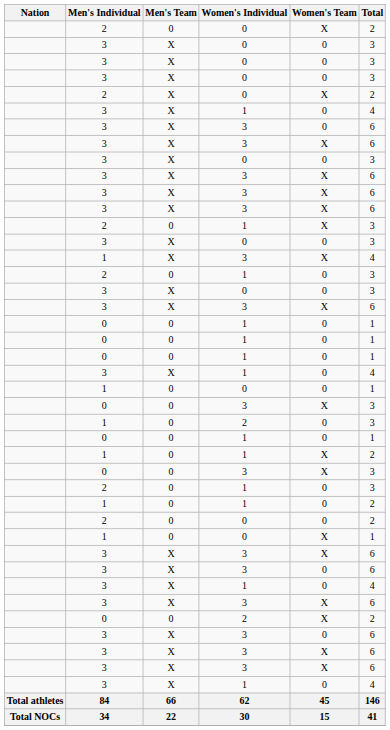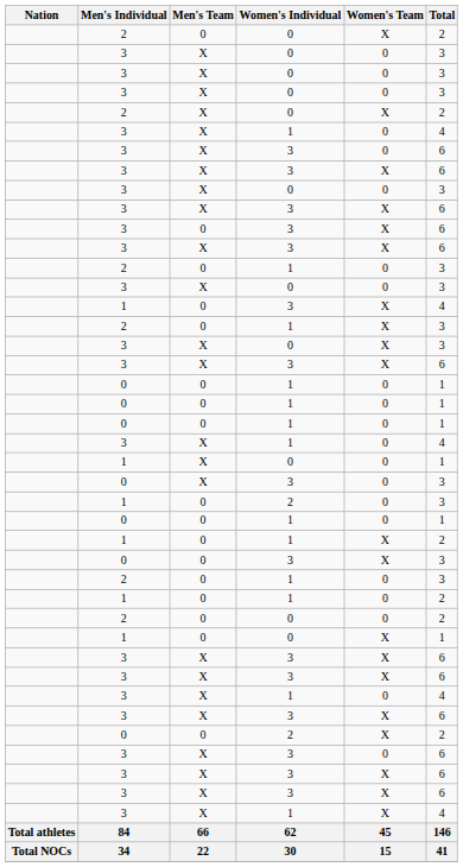 <table class="wikitable collapsible sortable" style="text-align:center; font-size:90%">
 <tr>
 <th align=left>Nation</th>
 <th>Men's Individual</th>
 <th>Men's Team</th>
 <th>Women's Individual</th>
 <th>Women's Team</th>
 <th>Total</th>
 </tr>
 <tr>
 <td align=left></td>
 <td>2</td>
 <td>0</td>
 <td>0</td>
 <td>X</td>
 <td>2</td>
 </tr>
 <tr>
 <td align=left></td>
 <td>3</td>
 <td>X</td>
 <td>0</td>
 <td>0</td>
 <td>3</td>
 </tr>
 <tr>
 <td align=left></td>
 <td>3</td>
 <td>X</td>
 <td>0</td>
 <td>0</td>
 <td>3</td>
 </tr>
 <tr>
 <td align=left></td>
 <td>3</td>
 <td>X</td>
 <td>0</td>
 <td>0</td>
 <td>3</td>
 </tr>
 <tr>
 <td align=left></td>
 <td>2</td>
 <td>X</td>
 <td>0</td>
 <td>X</td>
 <td>2</td>
 </tr>
 <tr>
 <td align=left></td>
 <td>3</td>
 <td>X</td>
 <td>1</td>
 <td>0</td>
 <td>4</td>
 </tr>
 <tr>
 <td align=left></td>
 <td>3</td>
 <td>X</td>
 <td>3</td>
 <td>0</td>
 <td>6</td>
 </tr>
 <tr>
 <td align=left></td>
 <td>3</td>
 <td>X</td>
 <td>3</td>
 <td>X</td>
 <td>6</td>
 </tr>
 <tr>
 <td align=left></td>
 <td>3</td>
 <td>X</td>
 <td>0</td>
 <td>0</td>
 <td>3</td>
 </tr>
 <tr>
 <td align=left></td>
 <td>3</td>
 <td>X</td>
 <td>3</td>
 <td>X</td>
 <td>6</td>
 </tr>
 <tr>
 <td align=left></td>
 <td>3</td>
-<td>X</td>
+<td>0</td>
 <td>3</td>
 <td>X</td>
 <td>6</td>
 </tr>
 <tr>
 <td align=left></td>
 <td>3</td>
 <td>X</td>
 <td>3</td>
 <td>X</td>
 <td>6</td>
 </tr>
 <tr>
 <td align=left></td>
 <td>2</td>
 <td>0</td>
 <td>1</td>
-<td>X</td>
+<td>0</td>
 <td>3</td>
 </tr>
 <tr>
 <td align=left></td>
 <td>3</td>
 <td>X</td>
 <td>0</td>
 <td>0</td>
 <td>3</td>
 </tr>
 <tr>
 <td align=left></td>
 <td>1</td>
-<td>X</td>
+<td>0</td>
 <td>3</td>
 <td>X</td>
 <td>4</td>
 </tr>
 <tr>
 <td align=left></td>
 <td>2</td>
 <td>0</td>
 <td>1</td>
-<td>0</td>
+<td>X</td>
 <td>3</td>
 </tr>
 <tr>
 <td align=left></td>
 <td>3</td>
 <td>X</td>
 <td>0</td>
-<td>0</td>
+<td>X</td>
 <td>3</td>
 </tr>
 <tr>
 <td align=left></td>
 <td>3</td>
 <td>X</td>
 <td>3</td>
 <td>X</td>
 <td>6</td>
 </tr>
 <tr>
 <td align=left></td>
 <td>0</td>
 <td>0</td>
 <td>1</td>
 <td>0</td>
 <td>1</td>
 </tr>
 <tr>
 <td align=left></td>
 <td>0</td>
 <td>0</td>
 <td>1</td>
 <td>0</td>
 <td>1</td>
 </tr>
 <tr>
 <td align=left></td>
 <td>0</td>
 <td>0</td>
 <td>1</td>
 <td>0</td>
 <td>1</td>
 </tr>
 <tr>
 <td align=left></td>
 <td>3</td>
 <td>X</td>
 <td>1</td>
 <td>0</td>
 <td>4</td>
 </tr>
 <tr>
 <td align=left></td>
 <td>1</td>
-<td>0</td>
+<td>X</td>
 <td>0</td>
 <td>0</td>
 <td>1</td>
 </tr>
 <tr>
 <td align=left></td>
 <td>0</td>
+<td>X</td>
+<td>3</td>
 <td>0</td>
-<td>3</td>
-<td>X</td>
 <td>3</td>
 </tr>
 <tr>
 <td align=left></td>
 <td>1</td>
 <td>0</td>
 <td>2</td>
 <td>0</td>
 <td>3</td>
 </tr>
 <tr>
 <td align=left></td>
 <td>0</td>
 <td>0</td>
 <td>1</td>
 <td>0</td>
 <td>1</td>
 </tr>
 <tr>
 <td align=left></td>
 <td>1</td>
 <td>0</td>
 <td>1</td>
 <td>X</td>
 <td>2</td>
 </tr>
 <tr>
 <td align=left></td>
 <td>0</td>
 <td>0</td>
 <td>3</td>
 <td>X</td>
 <td>3</td>
 </tr>
 <tr>
 <td align=left></td>
 <td>2</td>
 <td>0</td>
 <td>1</td>
 <td>0</td>
 <td>3</td>
 </tr>
 <tr>
 <td align=left></td>
 <td>1</td>
 <td>0</td>
 <td>1</td>
 <td>0</td>
 <td>2</td>
 </tr>
 <tr>
 <td align=left></td>
 <td>2</td>
 <td>0</td>
 <td>0</td>
 <td>0</td>
 <td>2</td>
 </tr>
 <tr>
 <td align=left></td>
 <td>1</td>
 <td>0</td>
 <td>0</td>
 <td>X</td>
 <td>1</td>
 </tr>
 <tr>
 <td align=left></td>
 <td>3</td>
 <td>X</td>
 <td>3</td>
 <td>X</td>
 <td>6</td>
 </tr>
 <tr>
 <td align=left></td>
 <td>3</td>
 <td>X</td>
 <td>3</td>
-<td>0</td>
+<td>X</td>
 <td>6</td>
 </tr>
 <tr>
 <td align=left></td>
 <td>3</td>
 <td>X</td>
 <td>1</td>
 <td>0</td>
 <td>4</td>
 </tr>
 <tr>
 <td align=left></td>
 <td>3</td>
 <td>X</td>
 <td>3</td>
 <td>X</td>
 <td>6</td>
 </tr>
 <tr>
 <td align=left></td>
 <td>0</td>
 <td>0</td>
 <td>2</td>
 <td>X</td>
 <td>2</td>
 </tr>
 <tr>
 <td align=left></td>
 <td>3</td>
 <td>X</td>
 <td>3</td>
 <td>0</td>
 <td>6</td>
 </tr>
 <tr>
 <td align=left></td>
 <td>3</td>
 <td>X</td>
 <td>3</td>
 <td>X</td>
 <td>6</td>
 </tr>
 <tr>
 <td align=left></td>
 <td>3</td>
 <td>X</td>
 <td>3</td>
 <td>X</td>
 <td>6</td>
 </tr>
 <tr>
 <td align=left></td>
 <td>3</td>
 <td>X</td>
 <td>1</td>
-<td>0</td>
+<td>X</td>
 <td>4</td>
 </tr>
 <tr class="sortbottom">
 <th>Total athletes</th>
 <th>84</th>
 <th>66</th>
 <th>62</th>
 <th>45</th>
 <th>146</th>
 </tr>
 <tr class="sortbottom">
 <th>Total  NOCs</th>
 <th>34</th>
 <th>22</th>
 <th>30</th>
 <th>15</th>
 <th>41</th>
 </tr>
 <tr>
 </tr>
 </table>
